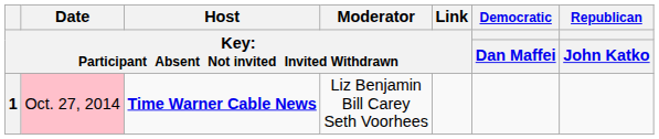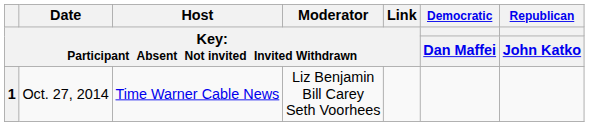 <table class="wikitable" style="text-align:center;">
 <tr>
 <th scope="col"></th>
 <th scope="col">Date</th>
 <th scope="col">Host</th>
 <th scope="col">Moderator</th>
 <th scope="col">Link</th>
 <th scope="col"><small><a href='#'>Democratic</a></small></th>
 <th scope="col"><small><a href='#'>Republican</a></small></th>
 </tr>
 <tr>
 <th colspan="5" rowspan="2">Key:<br> <small>Participant </small>  <small>Absent </small>  <small>Not invited </small>  <small>Invited  Withdrawn</small></th>
 <th scope="col" style="background:"></th>
 <th scope="col" style="background:"></th>
 </tr>
 <tr>
 <th scope="col"><a href='#'>Dan Maffei</a></th>
 <th scope="col"><a href='#'>John Katko</a></th>
 </tr>
 <tr>
 <th>1</th>
-<td style="background: pink; white-space:nowrap;">Oct. 27, 2014</td>
-<td style="white-space:nowrap;"><strong><a href='#'>Time Warner Cable News</a></strong></td>
+<td style="white-space:nowrap;">Oct. 27, 2014</td>
+<td style="white-space:nowrap;"><a href='#'>Time Warner Cable News</a></td>
 <td style="white-space:nowrap;">Liz Benjamin<br>Bill Carey<br>Seth Voorhees</td>
 <td style="white-space:nowrap;"></td>
 <td></td>
 <td></td>
 </tr>
 </table>
